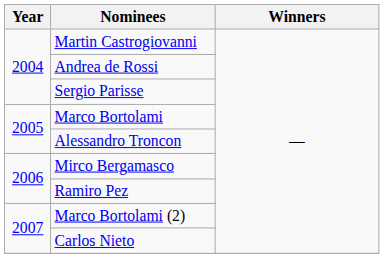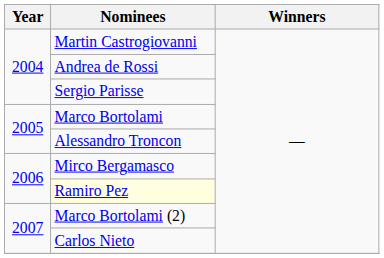 <table class="wikitable">
 <tr>
 <th width=40>Year</th>
 <th width=160>Nominees</th>
 <th width=160>Winners</th>
 </tr>
 <tr>
 <td align=center rowspan=3><a href='#'>2004</a></td>
 <td><a href='#'>Martin Castrogiovanni</a></td>
 <td align=center rowspan=9>—</td>
 </tr>
 <tr>
 <td><a href='#'>Andrea de Rossi</a></td>
 </tr>
 <tr>
 <td><a href='#'>Sergio Parisse</a></td>
 </tr>
 <tr>
 <td align=center rowspan=2><a href='#'>2005</a></td>
 <td><a href='#'>Marco Bortolami</a></td>
 </tr>
 <tr>
 <td><a href='#'>Alessandro Troncon</a></td>
 </tr>
 <tr>
 <td align=center rowspan=2><a href='#'>2006</a></td>
 <td><a href='#'>Mirco Bergamasco</a></td>
 </tr>
 <tr>
-<td><a href='#'>Ramiro Pez</a></td>
+<td style="background: lightyellow;"><a href='#'>Ramiro Pez</a></td>
 </tr>
 <tr>
 <td align=center rowspan=2><a href='#'>2007</a></td>
 <td><a href='#'>Marco Bortolami</a> (2)</td>
 </tr>
 <tr>
 <td><a href='#'>Carlos Nieto</a></td>
 </tr>
 <tr>
 </tr>
 </table>
